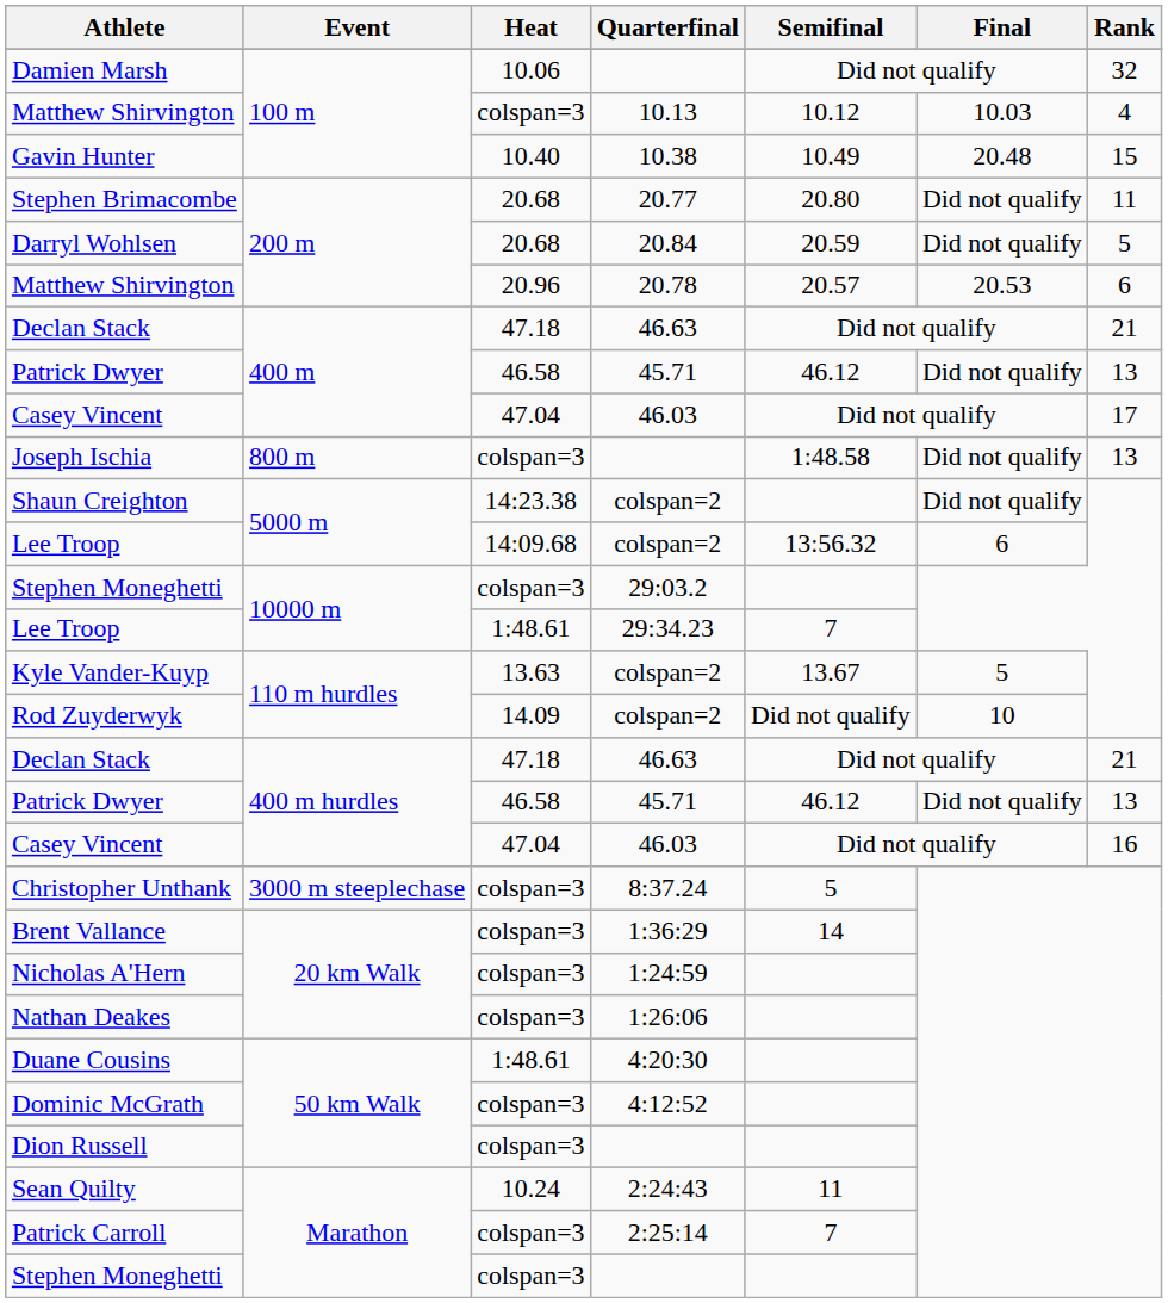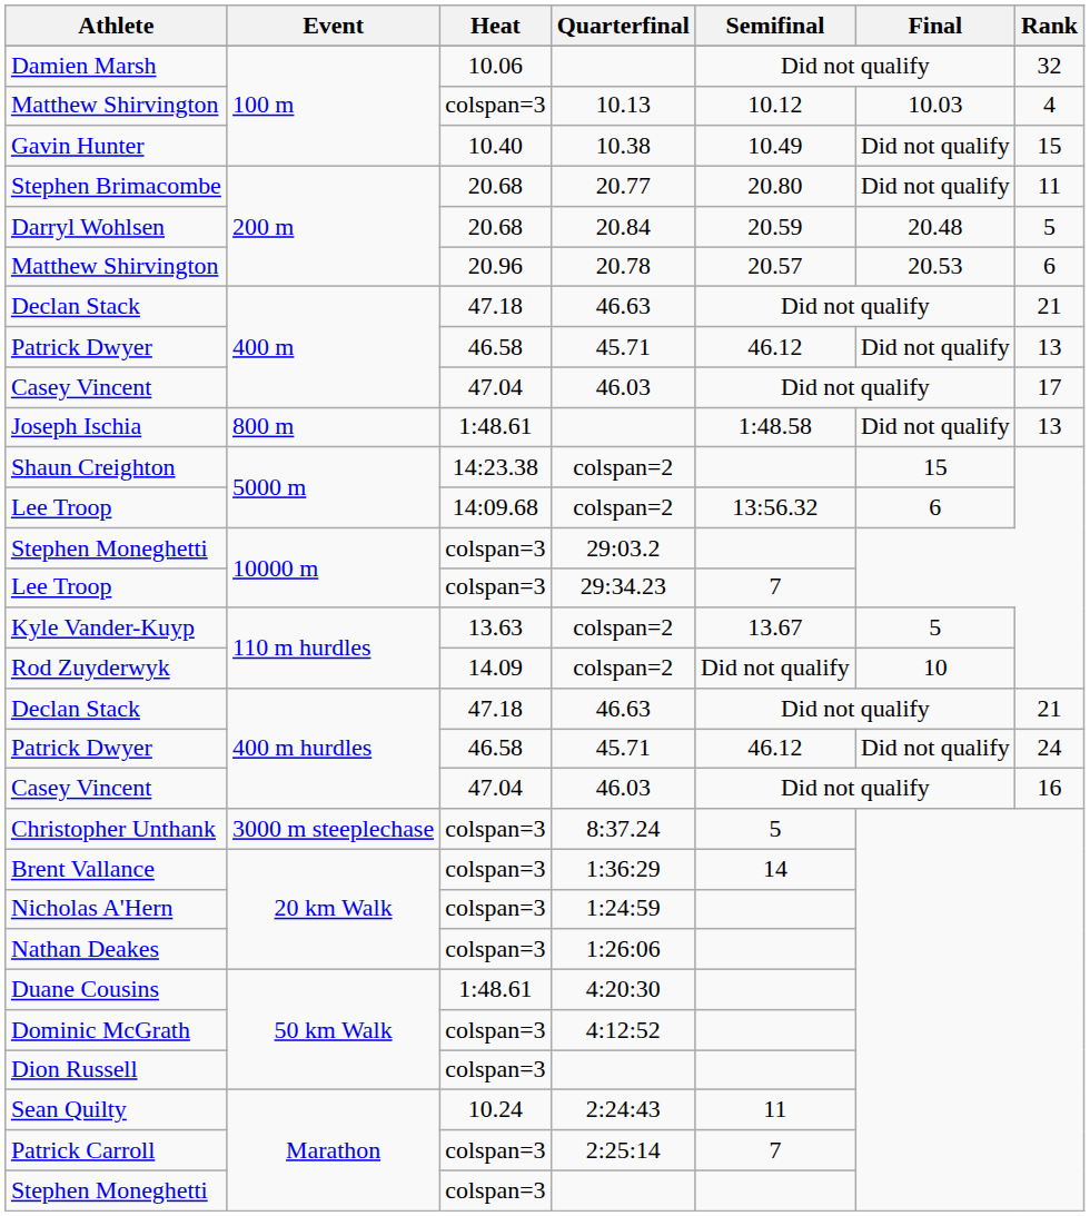 <table class="wikitable" style="font-size:90%">
 <tr>
 <th colspan=1>Athlete</th>
 <th colspan=1>Event</th>
 <th colspan=1>Heat</th>
 <th colspan=1>Quarterfinal</th>
 <th colspan=1>Semifinal</th>
 <th colspan=1>Final</th>
 <th colspan=1>Rank</th>
 </tr>
 <tr style="font-size:95%">
 </tr>
 <tr align=center>
 <td align=left><a href='#'>Damien Marsh</a></td>
 <td align=left rowspan=3><a href='#'>100 m</a></td>
 <td>10.06</td>
 <td></td>
 <td colspan=2>Did not qualify</td>
 <td>32</td>
 </tr>
 <tr align=center>
 <td align=left><a href='#'>Matthew Shirvington</a></td>
 <td>colspan=3 </td>
 <td>10.13</td>
 <td>10.12</td>
 <td>10.03</td>
 <td>4</td>
 </tr>
 <tr align=center>
 <td align=left><a href='#'>Gavin Hunter</a></td>
 <td>10.40</td>
 <td>10.38</td>
 <td>10.49</td>
-<td>20.48</td>
+<td>Did not qualify</td>
 <td>15</td>
 </tr>
 <tr align=center>
 <td align=left><a href='#'>Stephen Brimacombe</a></td>
 <td align=left rowspan=3><a href='#'>200 m</a></td>
 <td>20.68</td>
 <td>20.77</td>
 <td>20.80</td>
 <td>Did not qualify</td>
 <td>11</td>
 </tr>
 <tr align=center>
 <td align=left><a href='#'>Darryl Wohlsen</a></td>
 <td>20.68</td>
 <td>20.84</td>
 <td>20.59</td>
-<td>Did not qualify</td>
+<td>20.48</td>
 <td>5</td>
 </tr>
 <tr align=center>
 <td align=left><a href='#'>Matthew Shirvington</a></td>
 <td>20.96</td>
 <td>20.78</td>
 <td>20.57</td>
 <td>20.53</td>
 <td>6</td>
 </tr>
 <tr align=center>
 <td align=left><a href='#'>Declan Stack</a></td>
 <td align=left rowspan=3><a href='#'>400 m</a></td>
 <td>47.18</td>
 <td>46.63</td>
 <td colspan=2>Did not qualify</td>
 <td>21</td>
 </tr>
 <tr align=center>
 <td align=left><a href='#'>Patrick Dwyer</a></td>
 <td>46.58</td>
 <td>45.71</td>
 <td>46.12</td>
 <td>Did not qualify</td>
 <td>13</td>
 </tr>
 <tr align=center>
 <td align=left><a href='#'>Casey Vincent</a></td>
 <td>47.04</td>
 <td>46.03</td>
 <td colspan=2>Did not qualify</td>
 <td>17</td>
 </tr>
 <tr align=center>
 <td align=left><a href='#'>Joseph Ischia</a></td>
 <td align=left><a href='#'>800 m</a></td>
-<td>colspan=3 </td>
+<td>1:48.61</td>
 <td></td>
 <td>1:48.58</td>
 <td>Did not qualify</td>
 <td>13</td>
 </tr>
 <tr align=center>
 <td align=left><a href='#'>Shaun Creighton</a></td>
 <td align=left rowspan=2><a href='#'>5000 m</a></td>
 <td>14:23.38</td>
 <td>colspan=2 </td>
 <td></td>
-<td>Did not qualify</td>
+<td>15</td>
 </tr>
 <tr align=center>
 <td align=left><a href='#'>Lee Troop</a></td>
 <td>14:09.68</td>
 <td>colspan=2 </td>
 <td>13:56.32</td>
 <td>6</td>
 </tr>
 <tr align=center>
 <td align=left><a href='#'>Stephen Moneghetti</a></td>
 <td align=left rowspan=2><a href='#'>10000 m</a></td>
 <td>colspan=3 </td>
 <td>29:03.2</td>
 <td></td>
 </tr>
 <tr align=center>
 <td align=left><a href='#'>Lee Troop</a></td>
-<td>1:48.61</td>
+<td>colspan=3 </td>
 <td>29:34.23</td>
 <td>7</td>
 </tr>
 <tr align=center>
 <td align=left><a href='#'>Kyle Vander-Kuyp</a></td>
 <td align=left rowspan=2><a href='#'>110 m hurdles</a></td>
 <td>13.63</td>
 <td>colspan=2 </td>
 <td>13.67</td>
 <td>5</td>
 </tr>
 <tr align=center>
 <td align=left><a href='#'>Rod Zuyderwyk</a></td>
 <td>14.09</td>
 <td>colspan=2 </td>
 <td>Did not qualify</td>
 <td>10</td>
 </tr>
 <tr align=center>
 <td align=left><a href='#'>Declan Stack</a></td>
 <td align=left rowspan=3><a href='#'>400 m hurdles</a></td>
 <td>47.18</td>
 <td>46.63</td>
 <td colspan=2>Did not qualify</td>
 <td>21</td>
 </tr>
 <tr align=center>
 <td align=left><a href='#'>Patrick Dwyer</a></td>
 <td>46.58</td>
 <td>45.71</td>
 <td>46.12</td>
 <td>Did not qualify</td>
-<td>13</td>
+<td>24</td>
 </tr>
 <tr align=center>
 <td align=left><a href='#'>Casey Vincent</a></td>
 <td>47.04</td>
 <td>46.03</td>
 <td colspan=2>Did not qualify</td>
 <td>16</td>
 </tr>
 <tr align=center>
 <td align=left><a href='#'>Christopher Unthank</a></td>
 <td><a href='#'>3000 m steeplechase</a></td>
 <td>colspan=3 </td>
 <td>8:37.24</td>
 <td>5</td>
 </tr>
 <tr align=center>
 <td align=left><a href='#'>Brent Vallance</a></td>
 <td rowspan=3><a href='#'>20 km Walk</a></td>
 <td>colspan=3 </td>
 <td>1:36:29</td>
 <td>14</td>
 </tr>
 <tr align=center>
 <td align=left><a href='#'>Nicholas A'Hern</a></td>
 <td>colspan=3 </td>
 <td>1:24:59</td>
 <td></td>
 </tr>
 <tr align=center>
 <td align=left><a href='#'>Nathan Deakes</a></td>
 <td>colspan=3 </td>
 <td>1:26:06</td>
 <td></td>
 </tr>
 <tr align=center>
 <td align=left><a href='#'>Duane Cousins</a></td>
 <td rowspan=3><a href='#'>50 km Walk</a></td>
 <td>1:48.61</td>
 <td>4:20:30</td>
 <td></td>
 </tr>
 <tr align=center>
 <td align=left><a href='#'>Dominic McGrath</a></td>
 <td>colspan=3 </td>
 <td>4:12:52</td>
 <td></td>
 </tr>
 <tr align=center>
 <td align=left><a href='#'>Dion Russell</a></td>
 <td>colspan=3 </td>
 <td></td>
 <td></td>
 </tr>
 <tr align=center>
 <td align=left><a href='#'>Sean Quilty</a></td>
 <td rowspan=3><a href='#'>Marathon</a></td>
 <td>10.24</td>
 <td>2:24:43</td>
 <td>11</td>
 </tr>
 <tr align=center>
 <td align=left><a href='#'>Patrick Carroll</a></td>
 <td>colspan=3 </td>
 <td>2:25:14</td>
 <td>7</td>
 </tr>
 <tr align=center>
 <td align=left><a href='#'>Stephen Moneghetti</a></td>
 <td>colspan=3 </td>
 <td></td>
 <td></td>
 </tr>
 </table>
